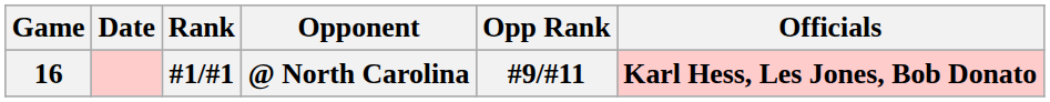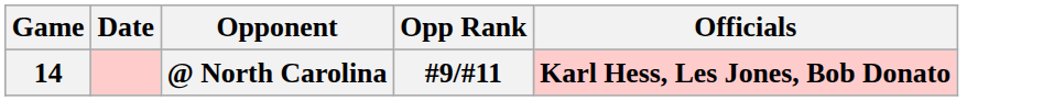 <table class="wikitable">
 <tr>
 <th>Game</th>
 <th>Date</th>
-<th>Rank</th>
 <th>Opponent</th>
 <th>Opp Rank</th>
 <th>Officials</th>
 </tr>
 <tr align="center" bgcolor="#ffcccc">
-<th>16</th>
+<th>14</th>
 <td></td>
-<th>#1/#1</th>
 <th>@ North Carolina</th>
 <th>#9/#11</th>
 <td><strong>Karl Hess, Les Jones, Bob Donato</strong></td>
 </tr>
 </table>
